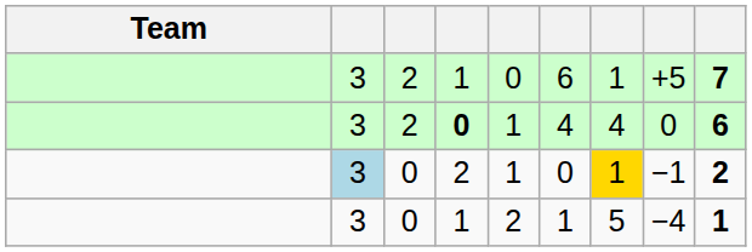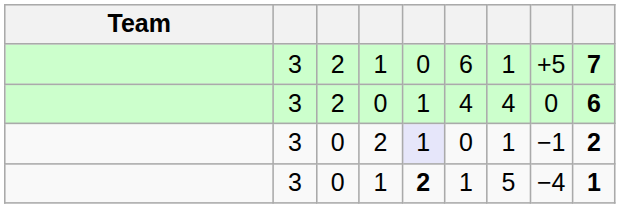 <table class="wikitable" style="text-align:center">
 <tr>
 <th width=165>Team</th>
 <th width=20></th>
 <th width=20></th>
 <th width=20></th>
 <th width=20></th>
 <th width=20></th>
 <th width=20></th>
 <th width=20></th>
 <th width=20></th>
 </tr>
 <tr bgcolor=ccffcc>
 <td align=left></td>
 <td>3</td>
 <td>2</td>
 <td>1</td>
 <td>0</td>
 <td>6</td>
 <td>1</td>
 <td>+5</td>
 <td><strong>7</strong></td>
 </tr>
 <tr bgcolor=ccffcc>
 <td align=left></td>
 <td>3</td>
 <td>2</td>
-<td><strong>0</strong></td>
+<td>0</td>
 <td>1</td>
 <td>4</td>
 <td>4</td>
 <td>0</td>
 <td><strong>6</strong></td>
 </tr>
 <tr>
 <td align=left></td>
-<td style="background: lightblue;">3</td>
+<td>3</td>
 <td>0</td>
 <td>2</td>
+<td style="background: lavender;">1</td>
+<td>0</td>
 <td>1</td>
-<td>0</td>
-<td style="background: gold;">1</td>
 <td>−1</td>
 <td><strong>2</strong></td>
 </tr>
 <tr>
 <td align=left></td>
 <td>3</td>
 <td>0</td>
 <td>1</td>
-<td>2</td>
+<td><strong>2</strong></td>
 <td>1</td>
 <td>5</td>
 <td>−4</td>
 <td><strong>1</strong></td>
 </tr>
 </table>
